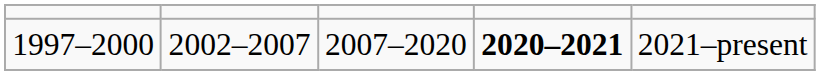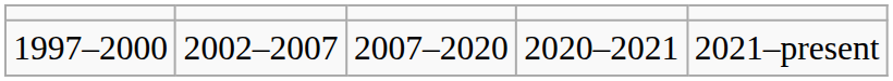 <table class="wikitable" style="text-align:center">
 <tr>
 <td></td>
 <td></td>
 <td></td>
 <td></td>
 <td></td>
 </tr>
 <tr>
 <td>1997–2000</td>
 <td>2002–2007</td>
 <td>2007–2020</td>
-<td><strong>2020–2021</strong></td>
+<td>2020–2021</td>
 <td>2021–present</td>
 </tr>
 </table>
